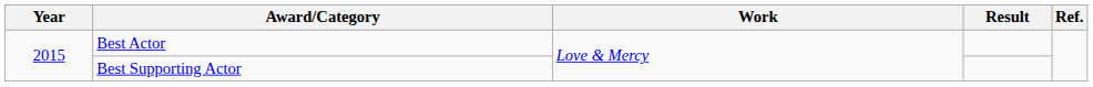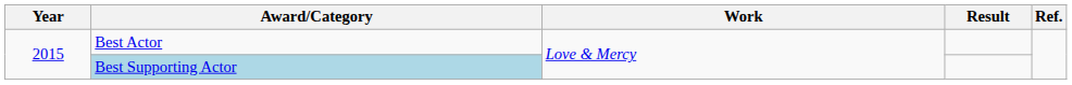 <table class=wikitable>
 <tr>
 <th scope="col" style="width:5em;">Year</th>
 <th scope="col" style="width:28em;">Award/Category</th>
 <th scope="col" style="width:25em;">Work</th>
 <th scope="col" style="width:5em;">Result</th>
 <th>Ref.</th>
 </tr>
 <tr>
 <td style="text-align:center;", rowspan="2"><a href='#'>2015</a></td>
 <td><a href='#'>Best Actor</a></td>
 <td rowspan="2"><em><a href='#'>Love & Mercy</a></em></td>
 <td></td>
 <td rowspan="2"></td>
 </tr>
 <tr>
-<td><a href='#'>Best Supporting Actor</a></td>
+<td style="background: lightblue;"><a href='#'>Best Supporting Actor</a></td>
 <td></td>
 </tr>
 </table>
